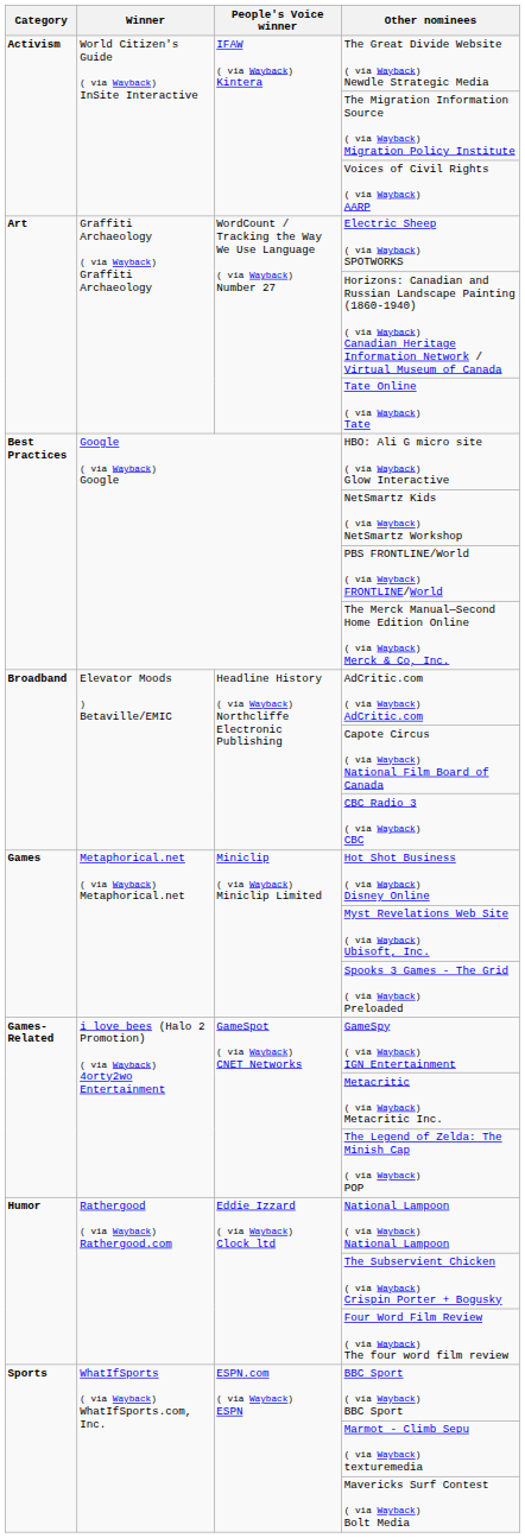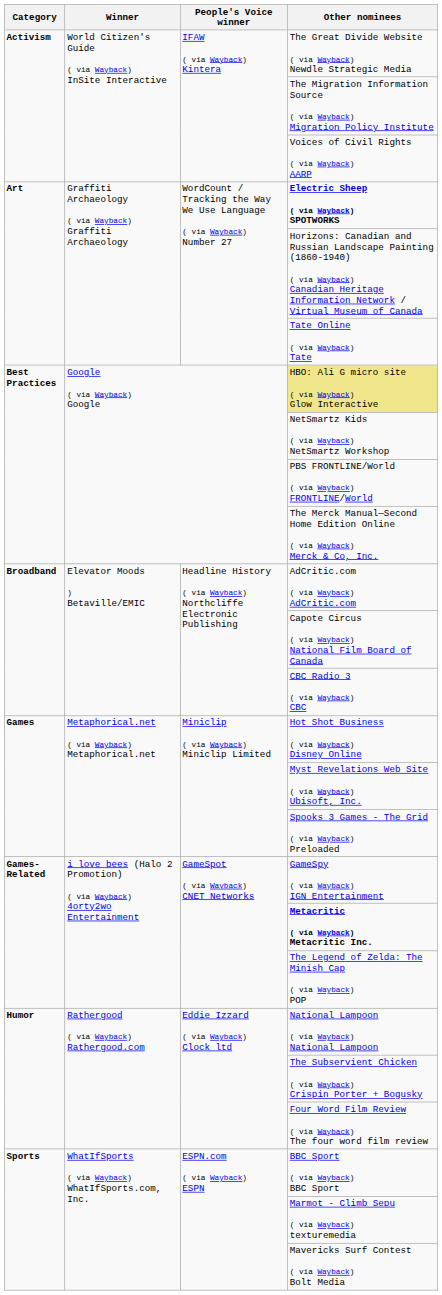 <table class="wikitable">
 <tr>
 <th>Category</th>
 <th>Winner</th>
 <th>People's Voice winner</th>
 <th>Other nominees</th>
 </tr>
 <tr valign="top">
 <td rowspan="3"><strong>Activism</strong></td>
 <td rowspan="3">World Citizen's Guide<br><br><small>( via <a href='#'>Wayback</a>)</small><br> InSite Interactive</td>
 <td rowspan="3"><a href='#'>IFAW</a><br><br><small>( via <a href='#'>Wayback</a>)</small><br> <a href='#'>Kintera</a></td>
 <td>The Great Divide Website<br><br><small>( via <a href='#'>Wayback</a>)</small><br> Newdle Strategic Media</td>
 </tr>
 <tr valign="top">
 <td>The Migration Information Source<br><br><small>( via <a href='#'>Wayback</a>)</small><br> <a href='#'>Migration Policy Institute</a></td>
 </tr>
 <tr valign="top">
 <td>Voices of Civil Rights<br><br><small>( via <a href='#'>Wayback</a>)</small><br> <a href='#'>AARP</a></td>
 </tr>
 <tr valign="top">
 <td rowspan="3"><strong>Art</strong></td>
 <td rowspan="3">Graffiti Archaeology<br><br><small>( via <a href='#'>Wayback</a>)</small><br> Graffiti Archaeology</td>
 <td rowspan="3">WordCount / Tracking the Way We Use Language<br><br><small>( via <a href='#'>Wayback</a>)</small><br> Number 27</td>
-<td><a href='#'>Electric Sheep</a><br><br><small>( via <a href='#'>Wayback</a>)</small><br> SPOTWORKS</td>
+<td><strong><a href='#'>Electric Sheep</a><br><br><small>( via <a href='#'>Wayback</a>)</small><br> SPOTWORKS</strong></td>
 </tr>
 <tr valign="top">
 <td>Horizons: Canadian and Russian Landscape Painting (1860-1940)<br><br><small>( via <a href='#'>Wayback</a>)</small><br> <a href='#'>Canadian Heritage Information Network</a> / <a href='#'>Virtual Museum of Canada</a></td>
 </tr>
 <tr valign="top">
 <td><a href='#'>Tate Online</a><br><br><small>( via <a href='#'>Wayback</a>)</small><br> <a href='#'>Tate</a></td>
 </tr>
 <tr valign="top">
 <td rowspan="4"><strong>Best Practices</strong></td>
 <td rowspan="4" colspan="2"><a href='#'>Google</a><br><br><small>( via <a href='#'>Wayback</a>)</small><br> Google</td>
-<td>HBO: Ali G micro site<br><br><small>( via <a href='#'>Wayback</a>)</small><br> Glow Interactive</td>
+<td style="background: khaki;">HBO: Ali G micro site<br><br><small>( via <a href='#'>Wayback</a>)</small><br> Glow Interactive</td>
 </tr>
 <tr valign="top">
 <td>NetSmartz Kids<br><br><small>( via <a href='#'>Wayback</a>)</small><br> NetSmartz Workshop</td>
 </tr>
 <tr valign="top">
 <td>PBS FRONTLINE/World<br><br><small>( via <a href='#'>Wayback</a>)</small><br> <a href='#'>FRONTLINE</a>/<a href='#'>World</a></td>
 </tr>
 <tr valign="top">
 <td>The Merck Manual—Second Home Edition Online<br><br><small>( via <a href='#'>Wayback</a>)</small><br> <a href='#'>Merck & Co, Inc.</a></td>
 </tr>
 <tr valign="top">
 <td rowspan="3"><strong>Broadband</strong></td>
 <td rowspan="3">Elevator Moods<br><br><small>)</small><br> Betaville/EMIC</td>
 <td rowspan="3">Headline History<br><br><small>( via <a href='#'>Wayback</a>)</small><br> Northcliffe Electronic Publishing</td>
 <td>AdCritic.com<br><br><small>( via <a href='#'>Wayback</a>)</small><br> <a href='#'>AdCritic.com</a></td>
 </tr>
 <tr valign="top">
 <td>Capote Circus<br><br><small>( via <a href='#'>Wayback</a>)</small><br> <a href='#'>National Film Board of Canada</a></td>
 </tr>
 <tr valign="top">
 <td><a href='#'>CBC Radio 3</a><br><br><small>( via <a href='#'>Wayback</a>)</small><br> <a href='#'>CBC</a></td>
 </tr>
 <tr valign="top">
 <td rowspan="3"><strong>Games</strong></td>
 <td rowspan="3"><a href='#'>Metaphorical.net</a><br><br><small>( via <a href='#'>Wayback</a>)</small><br> Metaphorical.net</td>
 <td rowspan="3"><a href='#'>Miniclip</a><br><br><small>( via <a href='#'>Wayback</a>)</small><br> Miniclip Limited</td>
 <td><a href='#'>Hot Shot Business</a><br><br><small>( via <a href='#'>Wayback</a>)</small><br> <a href='#'>Disney Online</a></td>
 </tr>
 <tr valign="top">
 <td><a href='#'>Myst Revelations Web Site</a><br><br><small>( via <a href='#'>Wayback</a>)</small><br> <a href='#'>Ubisoft, Inc.</a></td>
 </tr>
 <tr valign="top">
 <td><a href='#'>Spooks 3 Games - The Grid</a><br><br><small>( via <a href='#'>Wayback</a>)</small><br> Preloaded</td>
 </tr>
 <tr valign="top">
 <td rowspan="3"><strong>Games-Related</strong></td>
 <td rowspan="3"><a href='#'>i love bees</a> (Halo 2 Promotion)<br><br><small>( via <a href='#'>Wayback</a>)</small><br> <a href='#'>4orty2wo Entertainment</a></td>
 <td rowspan="3"><a href='#'>GameSpot</a><br><br><small>( via <a href='#'>Wayback</a>)</small><br> <a href='#'>CNET Networks</a></td>
 <td><a href='#'>GameSpy</a><br><br><small>( via <a href='#'>Wayback</a>)</small><br> <a href='#'>IGN Entertainment</a></td>
 </tr>
 <tr valign="top">
-<td><a href='#'>Metacritic</a><br><br><small>( via <a href='#'>Wayback</a>)</small><br> Metacritic Inc.</td>
+<td><strong><a href='#'>Metacritic</a><br><br><small>( via <a href='#'>Wayback</a>)</small><br> Metacritic Inc.</strong></td>
 </tr>
 <tr valign="top">
 <td><a href='#'>The Legend of Zelda: The Minish Cap</a><br><br><small>( via <a href='#'>Wayback</a>)</small><br> POP</td>
 </tr>
 <tr valign="top">
 <td rowspan="3"><strong>Humor</strong></td>
 <td rowspan="3"><a href='#'>Rathergood</a><br><br><small>( via <a href='#'>Wayback</a>)</small><br> <a href='#'>Rathergood.com</a></td>
 <td rowspan="3"><a href='#'>Eddie Izzard</a><br><br><small>( via <a href='#'>Wayback</a>)</small><br> <a href='#'>Clock ltd</a></td>
 <td><a href='#'>National Lampoon</a><br><br><small>( via <a href='#'>Wayback</a>)</small><br> <a href='#'>National Lampoon</a></td>
 </tr>
 <tr valign="top">
 <td><a href='#'>The Subservient Chicken</a><br><br><small>( via <a href='#'>Wayback</a>)</small><br> <a href='#'>Crispin Porter + Bogusky</a></td>
 </tr>
 <tr valign="top">
 <td><a href='#'>Four Word Film Review</a><br><br><small>( via <a href='#'>Wayback</a>)</small><br> The four word film review</td>
 </tr>
 <tr valign="top">
 <td rowspan="3"><strong>Sports</strong></td>
 <td rowspan="3"><a href='#'>WhatIfSports</a><br><br><small>( via <a href='#'>Wayback</a>)</small><br> WhatIfSports.com, Inc.</td>
 <td rowspan="3"><a href='#'>ESPN.com</a><br><br><small>( via <a href='#'>Wayback</a>)</small><br> <a href='#'>ESPN</a></td>
 <td><a href='#'>BBC Sport</a><br><br><small>( via <a href='#'>Wayback</a>)</small><br> BBC Sport</td>
 </tr>
 <tr valign="top">
 <td><a href='#'>Marmot - Climb Sepu</a><br><br><small>( via <a href='#'>Wayback</a>)</small><br> texturemedia</td>
 </tr>
 <tr valign="top">
 <td>Mavericks Surf Contest<br><br><small>( via <a href='#'>Wayback</a>)</small><br> Bolt Media</td>
 </tr>
 </table>
